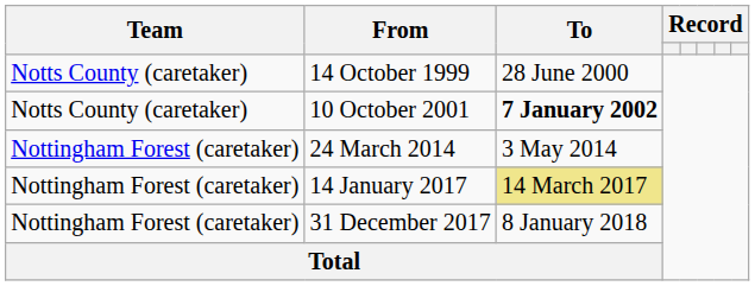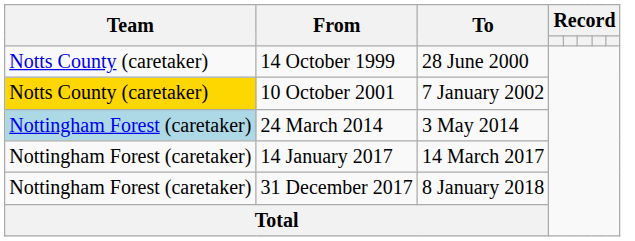 <table class=wikitable style="text-align: center">
 <tr>
 <th rowspan=2>Team</th>
 <th rowspan=2>From</th>
 <th rowspan=2>To</th>
 <th colspan=5>Record</th>
 </tr>
 <tr>
 <th></th>
 <th></th>
 <th></th>
 <th></th>
 <th></th>
 </tr>
 <tr>
 <td align=left><a href='#'>Notts County</a> (caretaker)</td>
 <td align=left>14 October 1999</td>
 <td align=left>28 June 2000<br></td>
 </tr>
 <tr>
-<td align=left>Notts County (caretaker)</td>
+<td align=left style="background: gold;">Notts County (caretaker)</td>
 <td align=left>10 October 2001</td>
-<td align=left><strong>7 January 2002<br></strong></td>
+<td align=left>7 January 2002<br></td>
 </tr>
 <tr>
-<td align=left><a href='#'>Nottingham Forest</a> (caretaker)</td>
+<td align=left style="background: lightblue;"><a href='#'>Nottingham Forest</a> (caretaker)</td>
 <td align=left>24 March 2014</td>
 <td align=left>3 May 2014<br></td>
 </tr>
 <tr>
 <td align=left>Nottingham Forest (caretaker)</td>
 <td align=left>14 January 2017</td>
-<td align=left style="background: khaki;">14 March 2017<br></td>
+<td align=left>14 March 2017<br></td>
 </tr>
 <tr>
 <td align=left>Nottingham Forest (caretaker)</td>
 <td align=left>31 December 2017</td>
 <td align=left>8 January 2018<br></td>
 </tr>
 <tr>
 <th colspan=3>Total<br></th>
 </tr>
 </table>
